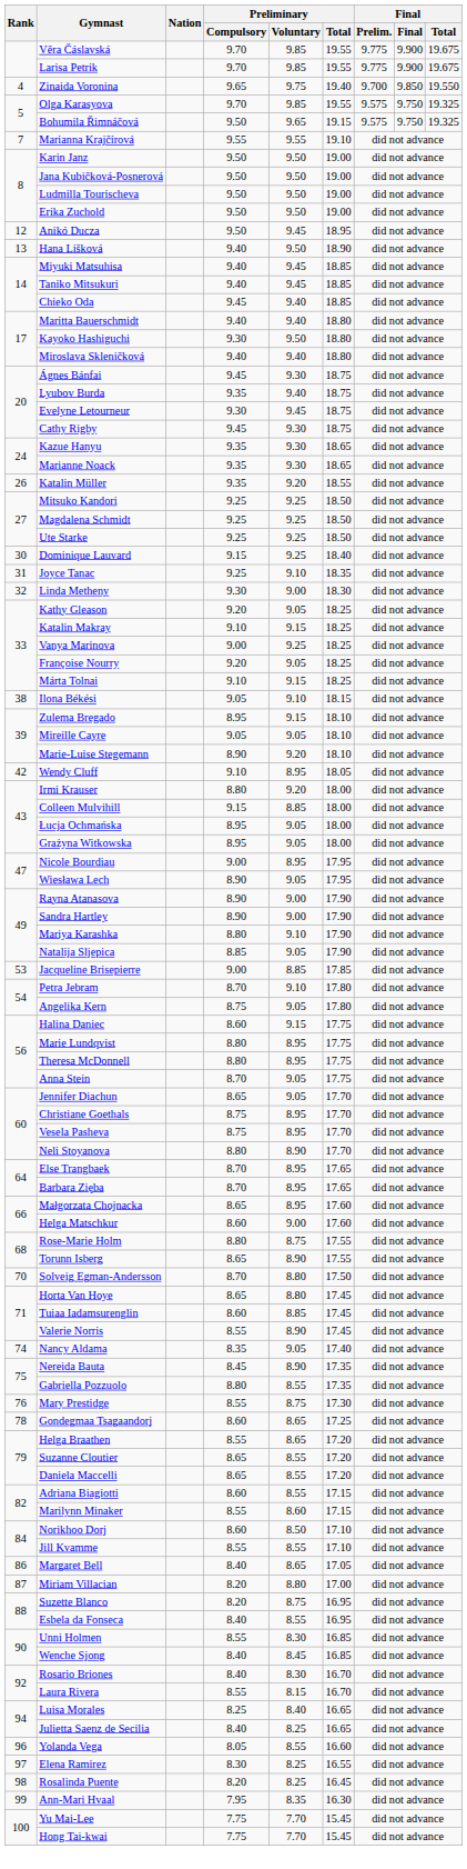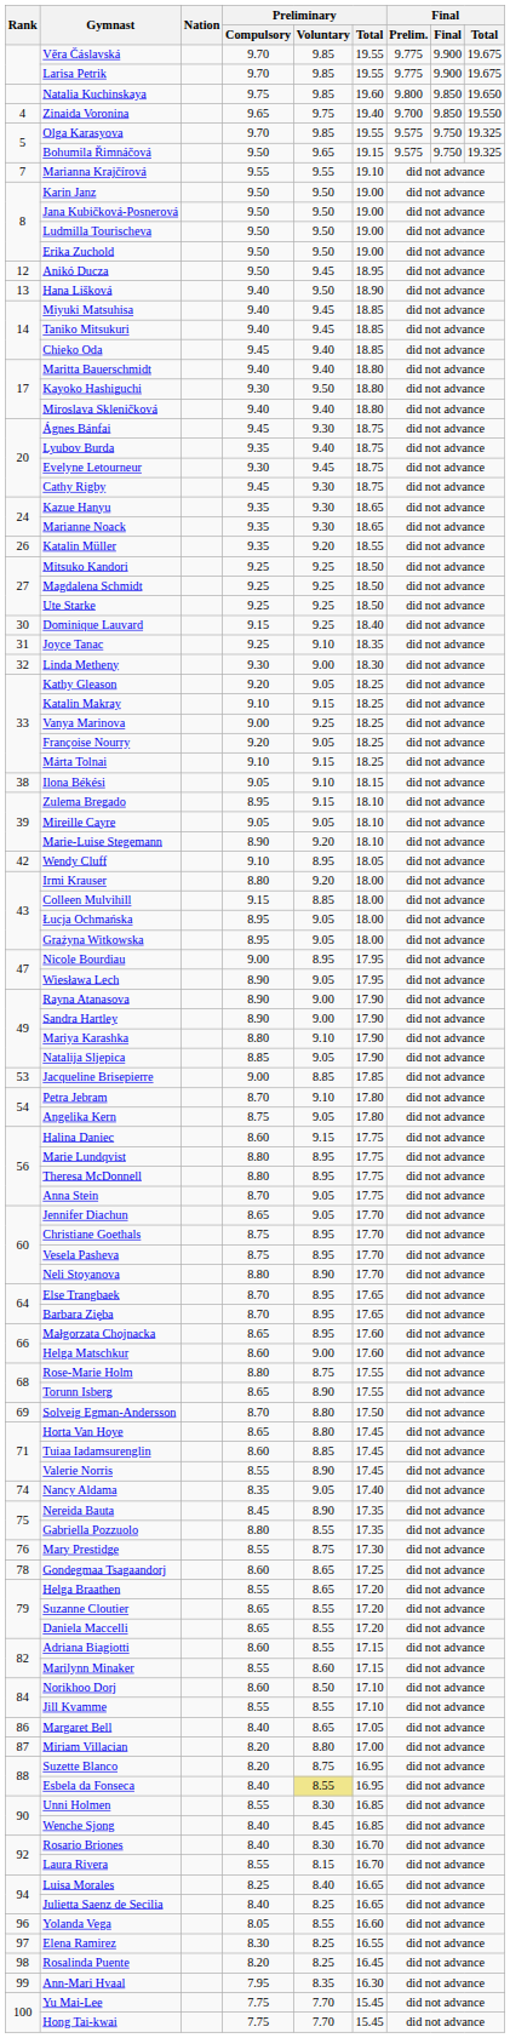 <table class="wikitable sortable" style="text-align:center">
 <tr>
 <th rowspan=2>Rank</th>
 <th rowspan=2>Gymnast</th>
 <th rowspan=2>Nation</th>
 <th colspan=3>Preliminary</th>
 <th colspan=3>Final</th>
 </tr>
 <tr>
 <th>Compulsory</th>
 <th>Voluntary</th>
 <th>Total</th>
 <th> Prelim.</th>
 <th>Final</th>
 <th>Total</th>
 </tr>
 <tr>
 <td rowspan=2></td>
 <td align=left data-sort-value="Čáslavská, Věra"><a href='#'>Věra Čáslavská</a></td>
 <td align=left></td>
 <td>9.70</td>
 <td>9.85</td>
 <td>19.55</td>
 <td>9.775</td>
 <td>9.900</td>
 <td>19.675</td>
 </tr>
 <tr>
 <td align=left data-sort-value="Petrik, Larisa"><a href='#'>Larisa Petrik</a></td>
 <td align=left></td>
 <td>9.70</td>
 <td>9.85</td>
 <td>19.55</td>
 <td>9.775</td>
 <td>9.900</td>
 <td>19.675</td>
+</tr>
+<tr>
+<td></td>
+<td align=left data-sort-value="Kuchinskaya, Natalia"><a href='#'>Natalia Kuchinskaya</a></td>
+<td align=left></td>
+<td>9.75</td>
+<td>9.85</td>
+<td>19.60</td>
+<td>9.800</td>
+<td>9.850</td>
+<td>19.650</td>
 </tr>
 <tr>
 <td>4</td>
 <td align=left data-sort-value="Voronina, Zinaida"><a href='#'>Zinaida Voronina</a></td>
 <td align=left></td>
 <td>9.65</td>
 <td>9.75</td>
 <td>19.40</td>
 <td>9.700</td>
 <td>9.850</td>
 <td>19.550</td>
 </tr>
 <tr>
 <td rowspan=2>5</td>
 <td align=left data-sort-value="Karasyova, Olga"><a href='#'>Olga Karasyova</a></td>
 <td align=left></td>
 <td>9.70</td>
 <td>9.85</td>
 <td>19.55</td>
 <td>9.575</td>
 <td>9.750</td>
 <td>19.325</td>
 </tr>
 <tr>
 <td align=left data-sort-value="Řimnáčová, Bohumila"><a href='#'>Bohumila Řimnáčová</a></td>
 <td align=left></td>
 <td>9.50</td>
 <td>9.65</td>
 <td>19.15</td>
 <td>9.575</td>
 <td>9.750</td>
 <td>19.325</td>
 </tr>
 <tr>
 <td>7</td>
 <td align=left data-sort-value="Krajčírová, Marianna"><a href='#'>Marianna Krajčírová</a></td>
 <td align=left></td>
 <td>9.55</td>
 <td>9.55</td>
 <td>19.10</td>
 <td colspan=3>did not advance</td>
 </tr>
 <tr>
 <td rowspan=4>8</td>
 <td align=left data-sort-value="Janz, Karin"><a href='#'>Karin Janz</a></td>
 <td align=left></td>
 <td>9.50</td>
 <td>9.50</td>
 <td>19.00</td>
 <td colspan=3>did not advance</td>
 </tr>
 <tr>
 <td align=left data-sort-value="Kubičková-Posnerová, Jana"><a href='#'>Jana Kubičková-Posnerová</a></td>
 <td align=left></td>
 <td>9.50</td>
 <td>9.50</td>
 <td>19.00</td>
 <td colspan=3>did not advance</td>
 </tr>
 <tr>
 <td align=left data-sort-value="Tourischeva, Ludmilla"><a href='#'>Ludmilla Tourischeva</a></td>
 <td align=left></td>
 <td>9.50</td>
 <td>9.50</td>
 <td>19.00</td>
 <td colspan=3>did not advance</td>
 </tr>
 <tr>
 <td align=left data-sort-value="Zuchold, Erika"><a href='#'>Erika Zuchold</a></td>
 <td align=left></td>
 <td>9.50</td>
 <td>9.50</td>
 <td>19.00</td>
 <td colspan=3>did not advance</td>
 </tr>
 <tr>
 <td>12</td>
 <td align=left data-sort-value="Ducza, Anikó"><a href='#'>Anikó Ducza</a></td>
 <td align=left></td>
 <td>9.50</td>
 <td>9.45</td>
 <td>18.95</td>
 <td colspan=3>did not advance</td>
 </tr>
 <tr>
 <td>13</td>
 <td align=left data-sort-value="Lišková, Hana"><a href='#'>Hana Lišková</a></td>
 <td align=left></td>
 <td>9.40</td>
 <td>9.50</td>
 <td>18.90</td>
 <td colspan=3>did not advance</td>
 </tr>
 <tr>
 <td rowspan=3>14</td>
 <td align=left data-sort-value="Matsuhisa, Miyuki"><a href='#'>Miyuki Matsuhisa</a></td>
 <td align=left></td>
 <td>9.40</td>
 <td>9.45</td>
 <td>18.85</td>
 <td colspan=3>did not advance</td>
 </tr>
 <tr>
 <td align=left data-sort-value="Mitsukuri, Taniko"><a href='#'>Taniko Mitsukuri</a></td>
 <td align=left></td>
 <td>9.40</td>
 <td>9.45</td>
 <td>18.85</td>
 <td colspan=3>did not advance</td>
 </tr>
 <tr>
 <td align=left data-sort-value="Oda, Chieko"><a href='#'>Chieko Oda</a></td>
 <td align=left></td>
 <td>9.45</td>
 <td>9.40</td>
 <td>18.85</td>
 <td colspan=3>did not advance</td>
 </tr>
 <tr>
 <td rowspan=3>17</td>
 <td align=left data-sort-value="Bauerschmidt, Maritta"><a href='#'>Maritta Bauerschmidt</a></td>
 <td align=left></td>
 <td>9.40</td>
 <td>9.40</td>
 <td>18.80</td>
 <td colspan=3>did not advance</td>
 </tr>
 <tr>
 <td align=left data-sort-value="Hashiguchi, Kayoko"><a href='#'>Kayoko Hashiguchi</a></td>
 <td align=left></td>
 <td>9.30</td>
 <td>9.50</td>
 <td>18.80</td>
 <td colspan=3>did not advance</td>
 </tr>
 <tr>
 <td align=left data-sort-value="Skleničková, Miroslava"><a href='#'>Miroslava Skleničková</a></td>
 <td align=left></td>
 <td>9.40</td>
 <td>9.40</td>
 <td>18.80</td>
 <td colspan=3>did not advance</td>
 </tr>
 <tr>
 <td rowspan=4>20</td>
 <td align=left data-sort-value="Bánfai, Ágnes"><a href='#'>Ágnes Bánfai</a></td>
 <td align=left></td>
 <td>9.45</td>
 <td>9.30</td>
 <td>18.75</td>
 <td colspan=3>did not advance</td>
 </tr>
 <tr>
 <td align=left data-sort-value="Burda, Lyubov"><a href='#'>Lyubov Burda</a></td>
 <td align=left></td>
 <td>9.35</td>
 <td>9.40</td>
 <td>18.75</td>
 <td colspan=3>did not advance</td>
 </tr>
 <tr>
 <td align=left data-sort-value="Letourneur, Evelyne"><a href='#'>Evelyne Letourneur</a></td>
 <td align=left></td>
 <td>9.30</td>
 <td>9.45</td>
 <td>18.75</td>
 <td colspan=3>did not advance</td>
 </tr>
 <tr>
 <td align=left data-sort-value="Rigby, Cathy"><a href='#'>Cathy Rigby</a></td>
 <td align=left></td>
 <td>9.45</td>
 <td>9.30</td>
 <td>18.75</td>
 <td colspan=3>did not advance</td>
 </tr>
 <tr>
 <td rowspan=2>24</td>
 <td align=left data-sort-value="Hanyu, Kazue"><a href='#'>Kazue Hanyu</a></td>
 <td align=left></td>
 <td>9.35</td>
 <td>9.30</td>
 <td>18.65</td>
 <td colspan=3>did not advance</td>
 </tr>
 <tr>
 <td align=left data-sort-value="Noack, Marianne"><a href='#'>Marianne Noack</a></td>
 <td align=left></td>
 <td>9.35</td>
 <td>9.30</td>
 <td>18.65</td>
 <td colspan=3>did not advance</td>
 </tr>
 <tr>
 <td>26</td>
 <td align=left data-sort-value="Müller, Katalin"><a href='#'>Katalin Müller</a></td>
 <td align=left></td>
 <td>9.35</td>
 <td>9.20</td>
 <td>18.55</td>
 <td colspan=3>did not advance</td>
 </tr>
 <tr>
 <td rowspan=3>27</td>
 <td align=left data-sort-value="Kandori, Mitsuko"><a href='#'>Mitsuko Kandori</a></td>
 <td align=left></td>
 <td>9.25</td>
 <td>9.25</td>
 <td>18.50</td>
 <td colspan=3>did not advance</td>
 </tr>
 <tr>
 <td align=left data-sort-value="Schmidt, Magdalena"><a href='#'>Magdalena Schmidt</a></td>
 <td align=left></td>
 <td>9.25</td>
 <td>9.25</td>
 <td>18.50</td>
 <td colspan=3>did not advance</td>
 </tr>
 <tr>
 <td align=left data-sort-value="Starke, Ute"><a href='#'>Ute Starke</a></td>
 <td align=left></td>
 <td>9.25</td>
 <td>9.25</td>
 <td>18.50</td>
 <td colspan=3>did not advance</td>
 </tr>
 <tr>
 <td>30</td>
 <td align=left data-sort-value="Lauvard, Dominique"><a href='#'>Dominique Lauvard</a></td>
 <td align=left></td>
 <td>9.15</td>
 <td>9.25</td>
 <td>18.40</td>
 <td colspan=3>did not advance</td>
 </tr>
 <tr>
 <td>31</td>
 <td align=left data-sort-value="Tanac, Joyce"><a href='#'>Joyce Tanac</a></td>
 <td align=left></td>
 <td>9.25</td>
 <td>9.10</td>
 <td>18.35</td>
 <td colspan=3>did not advance</td>
 </tr>
 <tr>
 <td>32</td>
 <td align=left data-sort-value="Metheny, Linda"><a href='#'>Linda Metheny</a></td>
 <td align=left></td>
 <td>9.30</td>
 <td>9.00</td>
 <td>18.30</td>
 <td colspan=3>did not advance</td>
 </tr>
 <tr>
 <td rowspan=5>33</td>
 <td align=left data-sort-value="Gleason, Kathy"><a href='#'>Kathy Gleason</a></td>
 <td align=left></td>
 <td>9.20</td>
 <td>9.05</td>
 <td>18.25</td>
 <td colspan=3>did not advance</td>
 </tr>
 <tr>
 <td align=left data-sort-value="Makray, Katalin"><a href='#'>Katalin Makray</a></td>
 <td align=left></td>
 <td>9.10</td>
 <td>9.15</td>
 <td>18.25</td>
 <td colspan=3>did not advance</td>
 </tr>
 <tr>
 <td align=left data-sort-value="Marinova, Vanya"><a href='#'>Vanya Marinova</a></td>
 <td align=left></td>
 <td>9.00</td>
 <td>9.25</td>
 <td>18.25</td>
 <td colspan=3>did not advance</td>
 </tr>
 <tr>
 <td align=left data-sort-value="Nourry, Françoise"><a href='#'>Françoise Nourry</a></td>
 <td align=left></td>
 <td>9.20</td>
 <td>9.05</td>
 <td>18.25</td>
 <td colspan=3>did not advance</td>
 </tr>
 <tr>
 <td align=left data-sort-value="Tolnai, Márta"><a href='#'>Márta Tolnai</a></td>
 <td align=left></td>
 <td>9.10</td>
 <td>9.15</td>
 <td>18.25</td>
 <td colspan=3>did not advance</td>
 </tr>
 <tr>
 <td>38</td>
 <td align=left data-sort-value="Békési, Ilona"><a href='#'>Ilona Békési</a></td>
 <td align=left></td>
 <td>9.05</td>
 <td>9.10</td>
 <td>18.15</td>
 <td colspan=3>did not advance</td>
 </tr>
 <tr>
 <td rowspan=3>39</td>
 <td align=left data-sort-value="Bregado, Zulema"><a href='#'>Zulema Bregado</a></td>
 <td align=left></td>
 <td>8.95</td>
 <td>9.15</td>
 <td>18.10</td>
 <td colspan=3>did not advance</td>
 </tr>
 <tr>
 <td align=left data-sort-value="Cayre, Mireille"><a href='#'>Mireille Cayre</a></td>
 <td align=left></td>
 <td>9.05</td>
 <td>9.05</td>
 <td>18.10</td>
 <td colspan=3>did not advance</td>
 </tr>
 <tr>
 <td align=left data-sort-value="Stegemann, Marie-Luise"><a href='#'>Marie-Luise Stegemann</a></td>
 <td align=left></td>
 <td>8.90</td>
 <td>9.20</td>
 <td>18.10</td>
 <td colspan=3>did not advance</td>
 </tr>
 <tr>
 <td>42</td>
 <td align=left data-sort-value="Cluff, Wendy"><a href='#'>Wendy Cluff</a></td>
 <td align=left></td>
 <td>9.10</td>
 <td>8.95</td>
 <td>18.05</td>
 <td colspan=3>did not advance</td>
 </tr>
 <tr>
 <td rowspan=4>43</td>
 <td align=left data-sort-value="Krauser, Irmi"><a href='#'>Irmi Krauser</a></td>
 <td align=left></td>
 <td>8.80</td>
 <td>9.20</td>
 <td>18.00</td>
 <td colspan=3>did not advance</td>
 </tr>
 <tr>
 <td align=left data-sort-value="Mulvihill, Colleen"><a href='#'>Colleen Mulvihill</a></td>
 <td align=left></td>
 <td>9.15</td>
 <td>8.85</td>
 <td>18.00</td>
 <td colspan=3>did not advance</td>
 </tr>
 <tr>
 <td align=left data-sort-value="Ochmańska, Łucja"><a href='#'>Łucja Ochmańska</a></td>
 <td align=left></td>
 <td>8.95</td>
 <td>9.05</td>
 <td>18.00</td>
 <td colspan=3>did not advance</td>
 </tr>
 <tr>
 <td align=left data-sort-value="Witkowska, Grażyna"><a href='#'>Grażyna Witkowska</a></td>
 <td align=left></td>
 <td>8.95</td>
 <td>9.05</td>
 <td>18.00</td>
 <td colspan=3>did not advance</td>
 </tr>
 <tr>
 <td rowspan=2>47</td>
 <td align=left data-sort-value="Bourdiau, Nicole"><a href='#'>Nicole Bourdiau</a></td>
 <td align=left></td>
 <td>9.00</td>
 <td>8.95</td>
 <td>17.95</td>
 <td colspan=3>did not advance</td>
 </tr>
 <tr>
 <td align=left data-sort-value="Lech, Wiesława"><a href='#'>Wiesława Lech</a></td>
 <td align=left></td>
 <td>8.90</td>
 <td>9.05</td>
 <td>17.95</td>
 <td colspan=3>did not advance</td>
 </tr>
 <tr>
 <td rowspan=4>49</td>
 <td align=left data-sort-value="Atanasova, Rayna"><a href='#'>Rayna Atanasova</a></td>
 <td align=left></td>
 <td>8.90</td>
 <td>9.00</td>
 <td>17.90</td>
 <td colspan=3>did not advance</td>
 </tr>
 <tr>
 <td align=left data-sort-value="Hartley, Sandra"><a href='#'>Sandra Hartley</a></td>
 <td align=left></td>
 <td>8.90</td>
 <td>9.00</td>
 <td>17.90</td>
 <td colspan=3>did not advance</td>
 </tr>
 <tr>
 <td align=left data-sort-value="Karashka, Mariya"><a href='#'>Mariya Karashka</a></td>
 <td align=left></td>
 <td>8.80</td>
 <td>9.10</td>
 <td>17.90</td>
 <td colspan=3>did not advance</td>
 </tr>
 <tr>
 <td align=left data-sort-value="Sljepica, Natalija"><a href='#'>Natalija Sljepica</a></td>
 <td align=left></td>
 <td>8.85</td>
 <td>9.05</td>
 <td>17.90</td>
 <td colspan=3>did not advance</td>
 </tr>
 <tr>
 <td>53</td>
 <td align=left data-sort-value="Brisepierre, Jacqueline"><a href='#'>Jacqueline Brisepierre</a></td>
 <td align=left></td>
 <td>9.00</td>
 <td>8.85</td>
 <td>17.85</td>
 <td colspan=3>did not advance</td>
 </tr>
 <tr>
 <td rowspan=2>54</td>
 <td align=left data-sort-value="Jebram, Petra"><a href='#'>Petra Jebram</a></td>
 <td align=left></td>
 <td>8.70</td>
 <td>9.10</td>
 <td>17.80</td>
 <td colspan=3>did not advance</td>
 </tr>
 <tr>
 <td align=left data-sort-value="Kern, Angelika"><a href='#'>Angelika Kern</a></td>
 <td align=left></td>
 <td>8.75</td>
 <td>9.05</td>
 <td>17.80</td>
 <td colspan=3>did not advance</td>
 </tr>
 <tr>
 <td rowspan=4>56</td>
 <td align=left data-sort-value="Daniec, Halina"><a href='#'>Halina Daniec</a></td>
 <td align=left></td>
 <td>8.60</td>
 <td>9.15</td>
 <td>17.75</td>
 <td colspan=3>did not advance</td>
 </tr>
 <tr>
 <td align=left data-sort-value="Lundqvist, Marie"><a href='#'>Marie Lundqvist</a></td>
 <td align=left></td>
 <td>8.80</td>
 <td>8.95</td>
 <td>17.75</td>
 <td colspan=3>did not advance</td>
 </tr>
 <tr>
 <td align=left data-sort-value="McDonnell, Theresa"><a href='#'>Theresa McDonnell</a></td>
 <td align=left></td>
 <td>8.80</td>
 <td>8.95</td>
 <td>17.75</td>
 <td colspan=3>did not advance</td>
 </tr>
 <tr>
 <td align=left data-sort-value="Stein, Anna"><a href='#'>Anna Stein</a></td>
 <td align=left></td>
 <td>8.70</td>
 <td>9.05</td>
 <td>17.75</td>
 <td colspan=3>did not advance</td>
 </tr>
 <tr>
 <td rowspan=4>60</td>
 <td align=left data-sort-value="Diachun, Jennifer"><a href='#'>Jennifer Diachun</a></td>
 <td align=left></td>
 <td>8.65</td>
 <td>9.05</td>
 <td>17.70</td>
 <td colspan=3>did not advance</td>
 </tr>
 <tr>
 <td align=left data-sort-value="Goethals, Christiane"><a href='#'>Christiane Goethals</a></td>
 <td align=left></td>
 <td>8.75</td>
 <td>8.95</td>
 <td>17.70</td>
 <td colspan=3>did not advance</td>
 </tr>
 <tr>
 <td align=left data-sort-value="Pasheva, Vesela"><a href='#'>Vesela Pasheva</a></td>
 <td align=left></td>
 <td>8.75</td>
 <td>8.95</td>
 <td>17.70</td>
 <td colspan=3>did not advance</td>
 </tr>
 <tr>
 <td align=left data-sort-value="Stoyanova, Neli"><a href='#'>Neli Stoyanova</a></td>
 <td align=left></td>
 <td>8.80</td>
 <td>8.90</td>
 <td>17.70</td>
 <td colspan=3>did not advance</td>
 </tr>
 <tr>
 <td rowspan=2>64</td>
 <td align=left data-sort-value="Trangbaek, Else"><a href='#'>Else Trangbaek</a></td>
 <td align=left></td>
 <td>8.70</td>
 <td>8.95</td>
 <td>17.65</td>
 <td colspan=3>did not advance</td>
 </tr>
 <tr>
 <td align=left data-sort-value="Zięba, Barbara"><a href='#'>Barbara Zięba</a></td>
 <td align=left></td>
 <td>8.70</td>
 <td>8.95</td>
 <td>17.65</td>
 <td colspan=3>did not advance</td>
 </tr>
 <tr>
 <td rowspan=2>66</td>
 <td align=left data-sort-value="Chojnacka, Małgorzata"><a href='#'>Małgorzata Chojnacka</a></td>
 <td align=left></td>
 <td>8.65</td>
 <td>8.95</td>
 <td>17.60</td>
 <td colspan=3>did not advance</td>
 </tr>
 <tr>
 <td align=left data-sort-value="Matschkur, Helga"><a href='#'>Helga Matschkur</a></td>
 <td align=left></td>
 <td>8.60</td>
 <td>9.00</td>
 <td>17.60</td>
 <td colspan=3>did not advance</td>
 </tr>
 <tr>
 <td rowspan=2>68</td>
 <td align=left data-sort-value="Holm, Rose-Marie"><a href='#'>Rose-Marie Holm</a></td>
 <td align=left></td>
 <td>8.80</td>
 <td>8.75</td>
 <td>17.55</td>
 <td colspan=3>did not advance</td>
 </tr>
 <tr>
 <td align=left data-sort-value="Isberg, Torunn"><a href='#'>Torunn Isberg</a></td>
 <td align=left></td>
 <td>8.65</td>
 <td>8.90</td>
 <td>17.55</td>
 <td colspan=3>did not advance</td>
 </tr>
 <tr>
-<td>70</td>
+<td>69</td>
 <td align=left data-sort-value="Egman-Andersson, Solveig"><a href='#'>Solveig Egman-Andersson</a></td>
 <td align=left></td>
 <td>8.70</td>
 <td>8.80</td>
 <td>17.50</td>
 <td colspan=3>did not advance</td>
 </tr>
 <tr>
 <td rowspan=3>71</td>
 <td align=left data-sort-value="Hoye, Horta Van"><a href='#'>Horta Van Hoye</a></td>
 <td align=left></td>
 <td>8.65</td>
 <td>8.80</td>
 <td>17.45</td>
 <td colspan=3>did not advance</td>
 </tr>
 <tr>
 <td align=left data-sort-value="Iadamsurenglin, Tuiaa"><a href='#'>Tuiaa Iadamsurenglin</a></td>
 <td align=left></td>
 <td>8.60</td>
 <td>8.85</td>
 <td>17.45</td>
 <td colspan=3>did not advance</td>
 </tr>
 <tr>
 <td align=left data-sort-value="Norris, Valerie"><a href='#'>Valerie Norris</a></td>
 <td align=left></td>
 <td>8.55</td>
 <td>8.90</td>
 <td>17.45</td>
 <td colspan=3>did not advance</td>
 </tr>
 <tr>
 <td>74</td>
 <td align=left data-sort-value="Aldama, Nancy"><a href='#'>Nancy Aldama</a></td>
 <td align=left></td>
 <td>8.35</td>
 <td>9.05</td>
 <td>17.40</td>
 <td colspan=3>did not advance</td>
 </tr>
 <tr>
 <td rowspan=2>75</td>
 <td align=left data-sort-value="Bauta, Nereida"><a href='#'>Nereida Bauta</a></td>
 <td align=left></td>
 <td>8.45</td>
 <td>8.90</td>
 <td>17.35</td>
 <td colspan=3>did not advance</td>
 </tr>
 <tr>
 <td align=left data-sort-value="Pozzuolo, Gabriella"><a href='#'>Gabriella Pozzuolo</a></td>
 <td align=left></td>
 <td>8.80</td>
 <td>8.55</td>
 <td>17.35</td>
 <td colspan=3>did not advance</td>
 </tr>
 <tr>
 <td>76</td>
 <td align=left data-sort-value="Prestidge, Mary"><a href='#'>Mary Prestidge</a></td>
 <td align=left></td>
 <td>8.55</td>
 <td>8.75</td>
 <td>17.30</td>
 <td colspan=3>did not advance</td>
 </tr>
 <tr>
 <td>78</td>
 <td align=left><a href='#'>Gondegmaa Tsagaandorj</a></td>
 <td align=left></td>
 <td>8.60</td>
 <td>8.65</td>
 <td>17.25</td>
 <td colspan=3>did not advance</td>
 </tr>
 <tr>
 <td rowspan=3>79</td>
 <td align=left data-sort-value="Braathen, Helga"><a href='#'>Helga Braathen</a></td>
 <td align=left></td>
 <td>8.55</td>
 <td>8.65</td>
 <td>17.20</td>
 <td colspan=3>did not advance</td>
 </tr>
 <tr>
 <td align=left data-sort-value="Cloutier, Suzanne"><a href='#'>Suzanne Cloutier</a></td>
 <td align=left></td>
 <td>8.65</td>
 <td>8.55</td>
 <td>17.20</td>
 <td colspan=3>did not advance</td>
 </tr>
 <tr>
 <td align=left data-sort-value="Maccelli, Daniela"><a href='#'>Daniela Maccelli</a></td>
 <td align=left></td>
 <td>8.65</td>
 <td>8.55</td>
 <td>17.20</td>
 <td colspan=3>did not advance</td>
 </tr>
 <tr>
 <td rowspan=2>82</td>
 <td align=left data-sort-value="Biagiotti, Adriana"><a href='#'>Adriana Biagiotti</a></td>
 <td align=left></td>
 <td>8.60</td>
 <td>8.55</td>
 <td>17.15</td>
 <td colspan=3>did not advance</td>
 </tr>
 <tr>
 <td align=left data-sort-value="Minaker, Marilynn"><a href='#'>Marilynn Minaker</a></td>
 <td align=left></td>
 <td>8.55</td>
 <td>8.60</td>
 <td>17.15</td>
 <td colspan=3>did not advance</td>
 </tr>
 <tr>
 <td rowspan=2>84</td>
 <td align=left><a href='#'>Norikhoo Dorj</a></td>
 <td align=left></td>
 <td>8.60</td>
 <td>8.50</td>
 <td>17.10</td>
 <td colspan=3>did not advance</td>
 </tr>
 <tr>
 <td align=left data-sort-value="Kvamme, Jill"><a href='#'>Jill Kvamme</a></td>
 <td align=left></td>
 <td>8.55</td>
 <td>8.55</td>
 <td>17.10</td>
 <td colspan=3>did not advance</td>
 </tr>
 <tr>
 <td>86</td>
 <td align=left data-sort-value="Bell, Margaret"><a href='#'>Margaret Bell</a></td>
 <td align=left></td>
 <td>8.40</td>
 <td>8.65</td>
 <td>17.05</td>
 <td colspan=3>did not advance</td>
 </tr>
 <tr>
 <td>87</td>
 <td align=left data-sort-value="Villacian, Miriam"><a href='#'>Miriam Villacian</a></td>
 <td align=left></td>
 <td>8.20</td>
 <td>8.80</td>
 <td>17.00</td>
 <td colspan=3>did not advance</td>
 </tr>
 <tr>
 <td rowspan=2>88</td>
 <td align=left data-sort-value="Blanco, Suzette"><a href='#'>Suzette Blanco</a></td>
 <td align=left></td>
 <td>8.20</td>
 <td>8.75</td>
 <td>16.95</td>
 <td colspan=3>did not advance</td>
 </tr>
 <tr>
 <td align=left data-sort-value="Fonseca, Esbela da"><a href='#'>Esbela da Fonseca</a></td>
 <td align=left></td>
 <td>8.40</td>
-<td>8.55</td>
+<td style="background: khaki;">8.55</td>
 <td>16.95</td>
 <td colspan=3>did not advance</td>
 </tr>
 <tr>
 <td rowspan=2>90</td>
 <td align=left data-sort-value="Holmen, Unni"><a href='#'>Unni Holmen</a></td>
 <td align=left></td>
 <td>8.55</td>
 <td>8.30</td>
 <td>16.85</td>
 <td colspan=3>did not advance</td>
 </tr>
 <tr>
 <td align=left data-sort-value="Sjong, Wenche"><a href='#'>Wenche Sjong</a></td>
 <td align=left></td>
 <td>8.40</td>
 <td>8.45</td>
 <td>16.85</td>
 <td colspan=3>did not advance</td>
 </tr>
 <tr>
 <td rowspan=2>92</td>
 <td align=left data-sort-value="Briones, Rosario"><a href='#'>Rosario Briones</a></td>
 <td align=left></td>
 <td>8.40</td>
 <td>8.30</td>
 <td>16.70</td>
 <td colspan=3>did not advance</td>
 </tr>
 <tr>
 <td align=left data-sort-value="Rivera, Laura"><a href='#'>Laura Rivera</a></td>
 <td align=left></td>
 <td>8.55</td>
 <td>8.15</td>
 <td>16.70</td>
 <td colspan=3>did not advance</td>
 </tr>
 <tr>
 <td rowspan=2>94</td>
 <td align=left data-sort-value="Morales, Luisa"><a href='#'>Luisa Morales</a></td>
 <td align=left></td>
 <td>8.25</td>
 <td>8.40</td>
 <td>16.65</td>
 <td colspan=3>did not advance</td>
 </tr>
 <tr>
 <td align=left data-sort-value="Saenz de Secilia, Julietta"><a href='#'>Julietta Saenz de Secilia</a></td>
 <td align=left></td>
 <td>8.40</td>
 <td>8.25</td>
 <td>16.65</td>
 <td colspan=3>did not advance</td>
 </tr>
 <tr>
 <td>96</td>
 <td align=left data-sort-value="Vega, Yolanda"><a href='#'>Yolanda Vega</a></td>
 <td align=left></td>
 <td>8.05</td>
 <td>8.55</td>
 <td>16.60</td>
 <td colspan=3>did not advance</td>
 </tr>
 <tr>
 <td>97</td>
 <td align=left data-sort-value="Ramirez, Elena"><a href='#'>Elena Ramirez</a></td>
 <td align=left></td>
 <td>8.30</td>
 <td>8.25</td>
 <td>16.55</td>
 <td colspan=3>did not advance</td>
 </tr>
 <tr>
 <td>98</td>
 <td align=left data-sort-value="Puente, Rosalinda"><a href='#'>Rosalinda Puente</a></td>
 <td align=left></td>
 <td>8.20</td>
 <td>8.25</td>
 <td>16.45</td>
 <td colspan=3>did not advance</td>
 </tr>
 <tr>
 <td>99</td>
 <td align=left data-sort-value="Hvaal, Ann-Mari"><a href='#'>Ann-Mari Hvaal</a></td>
 <td align=left></td>
 <td>7.95</td>
 <td>8.35</td>
 <td>16.30</td>
 <td colspan=3>did not advance</td>
 </tr>
 <tr>
 <td rowspan=2>100</td>
 <td align=left><a href='#'>Yu Mai-Lee</a></td>
 <td align=left></td>
 <td>7.75</td>
 <td>7.70</td>
 <td>15.45</td>
 <td colspan=3>did not advance</td>
 </tr>
 <tr>
 <td align=left><a href='#'>Hong Tai-kwai</a></td>
 <td align=left></td>
 <td>7.75</td>
 <td>7.70</td>
 <td>15.45</td>
 <td colspan=3>did not advance</td>
 </tr>
 </table>
